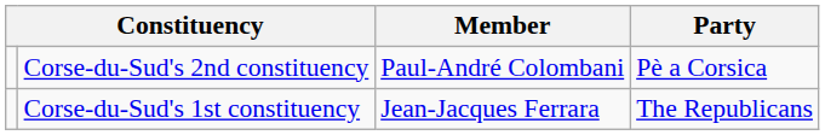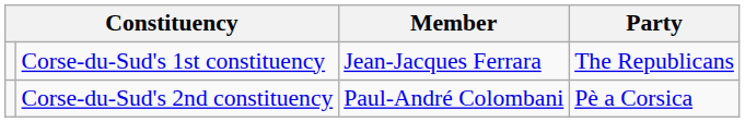 <table class="wikitable">
 <tr>
 <th colspan="2">Constituency</th>
 <th>Member</th>
 <th>Party</th>
 </tr>
 <tr>
 <td style="background-color: "></td>
+<td><a href='#'>Corse-du-Sud's 1st constituency</a></td>
+<td><a href='#'>Jean-Jacques Ferrara</a></td>
+<td><a href='#'>The Republicans</a></td>
+</tr>
+<tr>
+<td style="background-color: "></td>
 <td><a href='#'>Corse-du-Sud's 2nd constituency</a></td>
 <td><a href='#'>Paul-André Colombani</a></td>
 <td><a href='#'>Pè a Corsica</a></td>
 </tr>
-<tr>
-<td style="background-color: "></td>
-<td><a href='#'>Corse-du-Sud's 1st constituency</a></td>
-<td><a href='#'>Jean-Jacques Ferrara</a></td>
-<td><a href='#'>The Republicans</a></td>
-</tr>
 </table>
